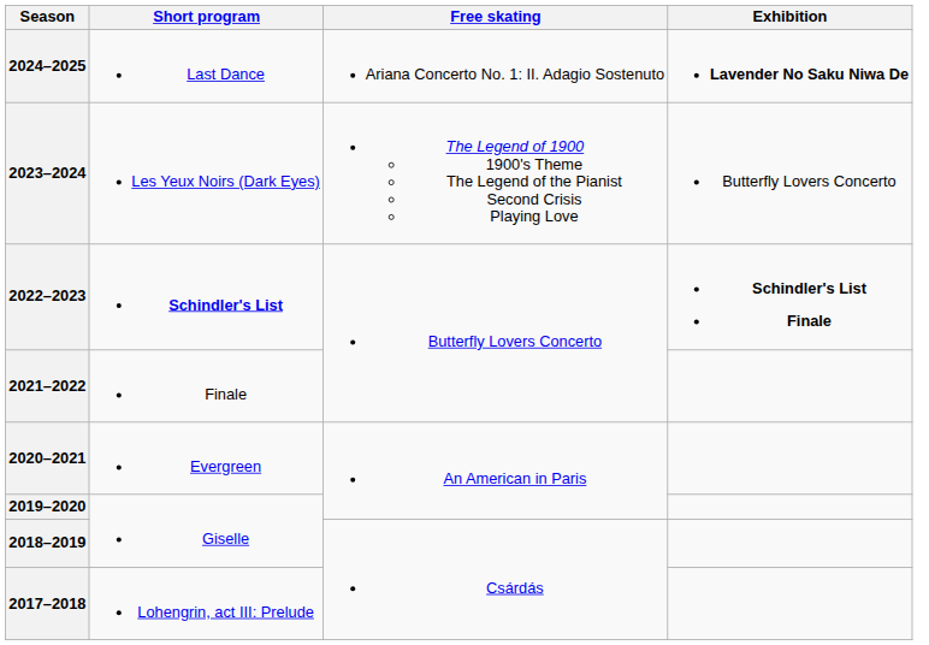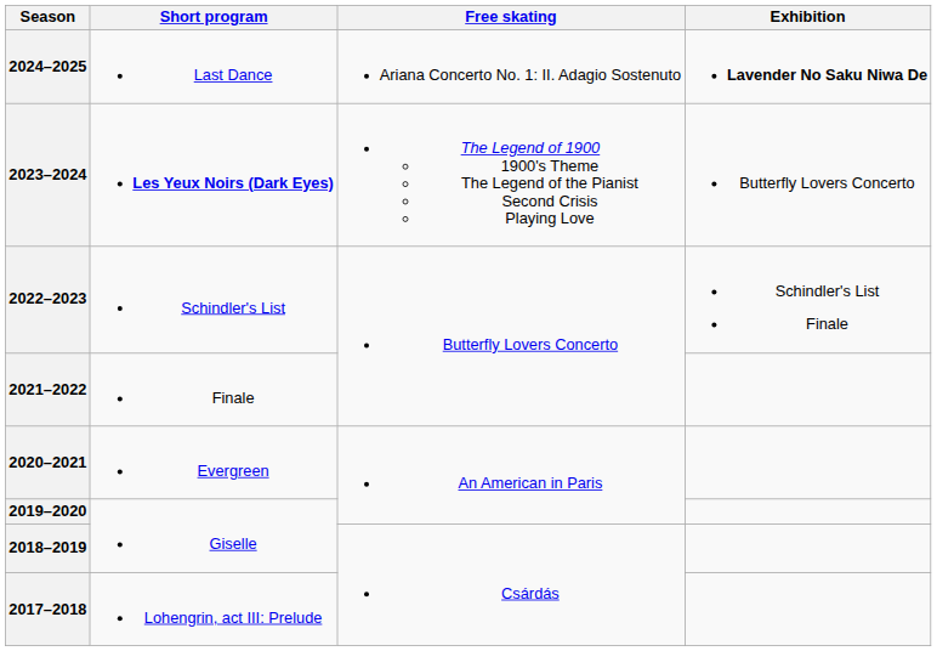 <table class=wikitable style=text-align:center>
 <tr>
 <th>Season</th>
 <th><a href='#'>Short program</a></th>
 <th><a href='#'>Free skating</a></th>
 <th>Exhibition</th>
 </tr>
 <tr>
 <th>2024–2025 <br> </th>
 <td><br><ul><li><a href='#'>Last Dance</a> <br> </li></ul></td>
 <td><br><ul><li>Ariana Concerto No. 1: II. Adagio Sostenuto <br> </li></ul></td>
 <td><strong><br><ul><li>Lavender No Saku Niwa De <br></li></ul></strong></td>
 </tr>
 <tr>
 <th>2023–2024 <br> </th>
-<td><br><ul><li><a href='#'>Les Yeux Noirs (Dark Eyes)</a> <br> </li></ul></td>
+<td><strong><br><ul><li><a href='#'>Les Yeux Noirs (Dark Eyes)</a> <br> </li></ul></strong></td>
 <td><br><ul><li><em><a href='#'>The Legend of 1900</a></em><ul><li>1900's Theme</li><li>The Legend of the Pianist</li><li>Second Crisis</li><li>Playing Love <br> </li></ul></li></ul></td>
 <td><br><ul><li>Butterfly Lovers Concerto <br> </li></ul></td>
 </tr>
 <tr>
 <th>2022–2023 <br></th>
-<td><strong><br><ul><li><a href='#'>Schindler's List</a> <br> </li></ul></strong></td>
+<td><br><ul><li><a href='#'>Schindler's List</a> <br> </li></ul></td>
 <td rowspan=2><br><ul><li><a href='#'>Butterfly Lovers Concerto</a> <br> </li></ul></td>
-<td><strong><br><ul><li>Schindler's List <br> </li></ul><ul><li>Finale <br> </li></ul></strong></td>
+<td><br><ul><li>Schindler's List <br> </li></ul><ul><li>Finale <br> </li></ul></td>
 </tr>
 <tr>
 <th>2021–2022 <br> </th>
 <td><br><ul><li>Finale <br> </li></ul></td>
 <td></td>
 </tr>
 <tr>
 <th>2020–2021 <br> </th>
 <td><br><ul><li><a href='#'>Evergreen</a> <br> </li></ul></td>
 <td rowspan=2><br><ul><li><a href='#'>An American in Paris</a> <br> </li></ul></td>
 <td></td>
 </tr>
 <tr>
 <th>2019–2020 <br> </th>
 <td rowspan=2><br><ul><li><a href='#'>Giselle</a> <br> </li></ul></td>
 <td></td>
 </tr>
 <tr>
 <th>2018–2019</th>
 <td rowspan=2><br><ul><li><a href='#'>Csárdás</a> <br> </li></ul></td>
 <td></td>
 </tr>
 <tr>
 <th>2017–2018</th>
 <td><br><ul><li><a href='#'>Lohengrin, act III: Prelude</a> <br> </li></ul></td>
 <td></td>
 </tr>
 </table>
